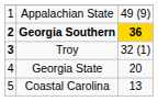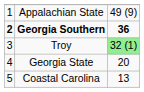 <table class="wikitable" style="display: inline-table;">
 <tr align="center">
 </tr>
 <tr align="center">
 <td>1</td>
 <td>Appalachian State</td>
 <td>49 (9)</td>
 </tr>
 <tr align="center">
 <td><strong>2</strong></td>
 <td><strong>Georgia Southern</strong></td>
-<td style="background: gold;"><strong>36</strong></td>
+<td><strong>36</strong></td>
 </tr>
 <tr align="center">
-<td><strong>3</strong></td>
+<td>3</td>
 <td>Troy</td>
-<td>32 (1)</td>
+<td style="background: lightgreen;">32 (1)</td>
 </tr>
 <tr align="center">
 <td>4</td>
 <td>Georgia State</td>
 <td>20</td>
 </tr>
 <tr align="center">
 <td>5</td>
 <td>Coastal Carolina</td>
 <td>13</td>
 </tr>
 </table>
